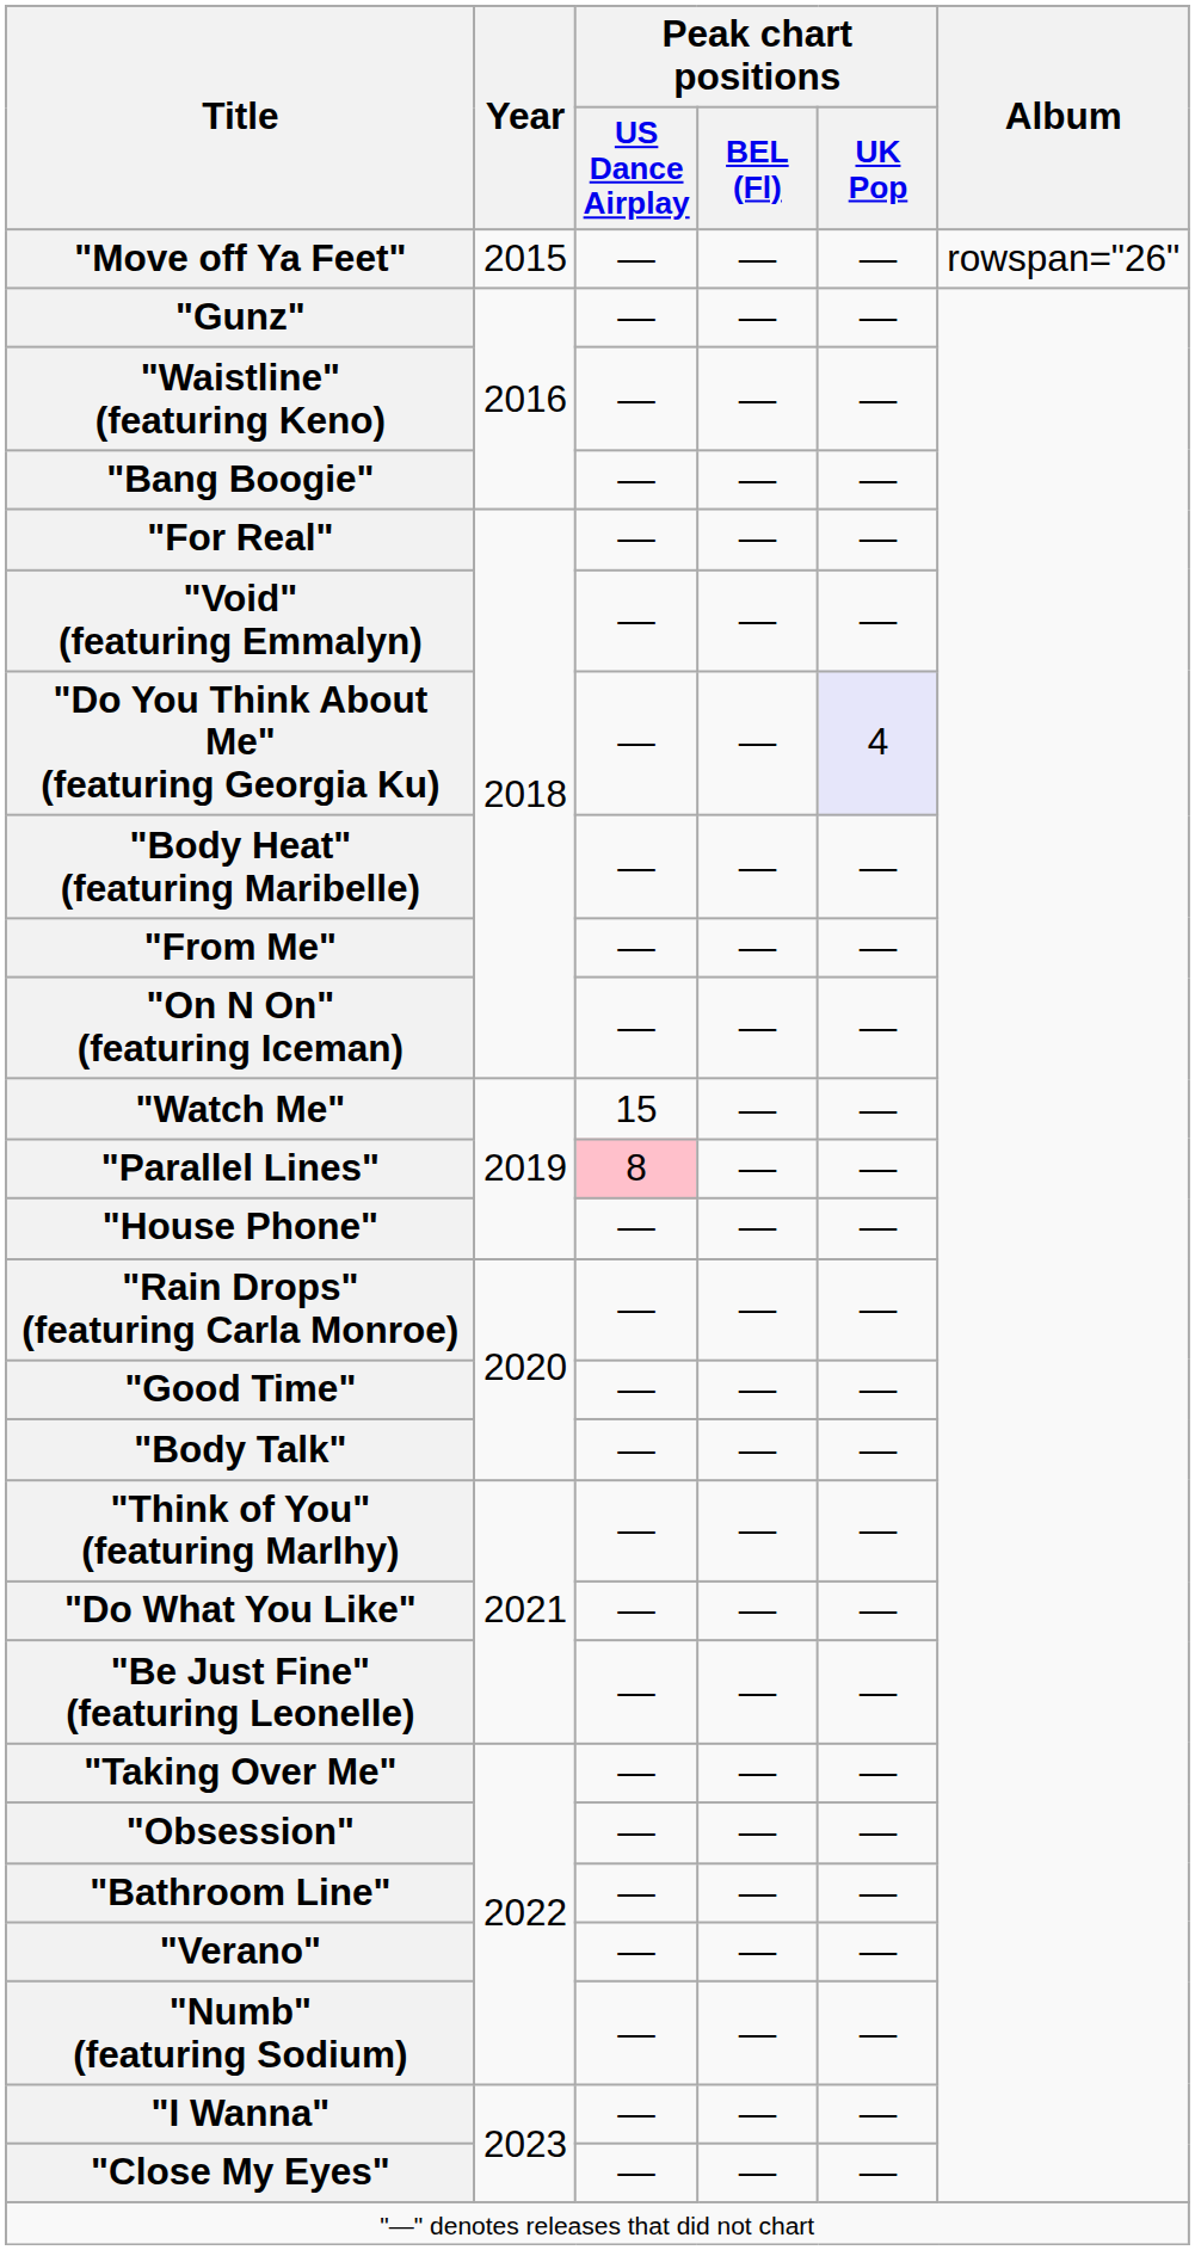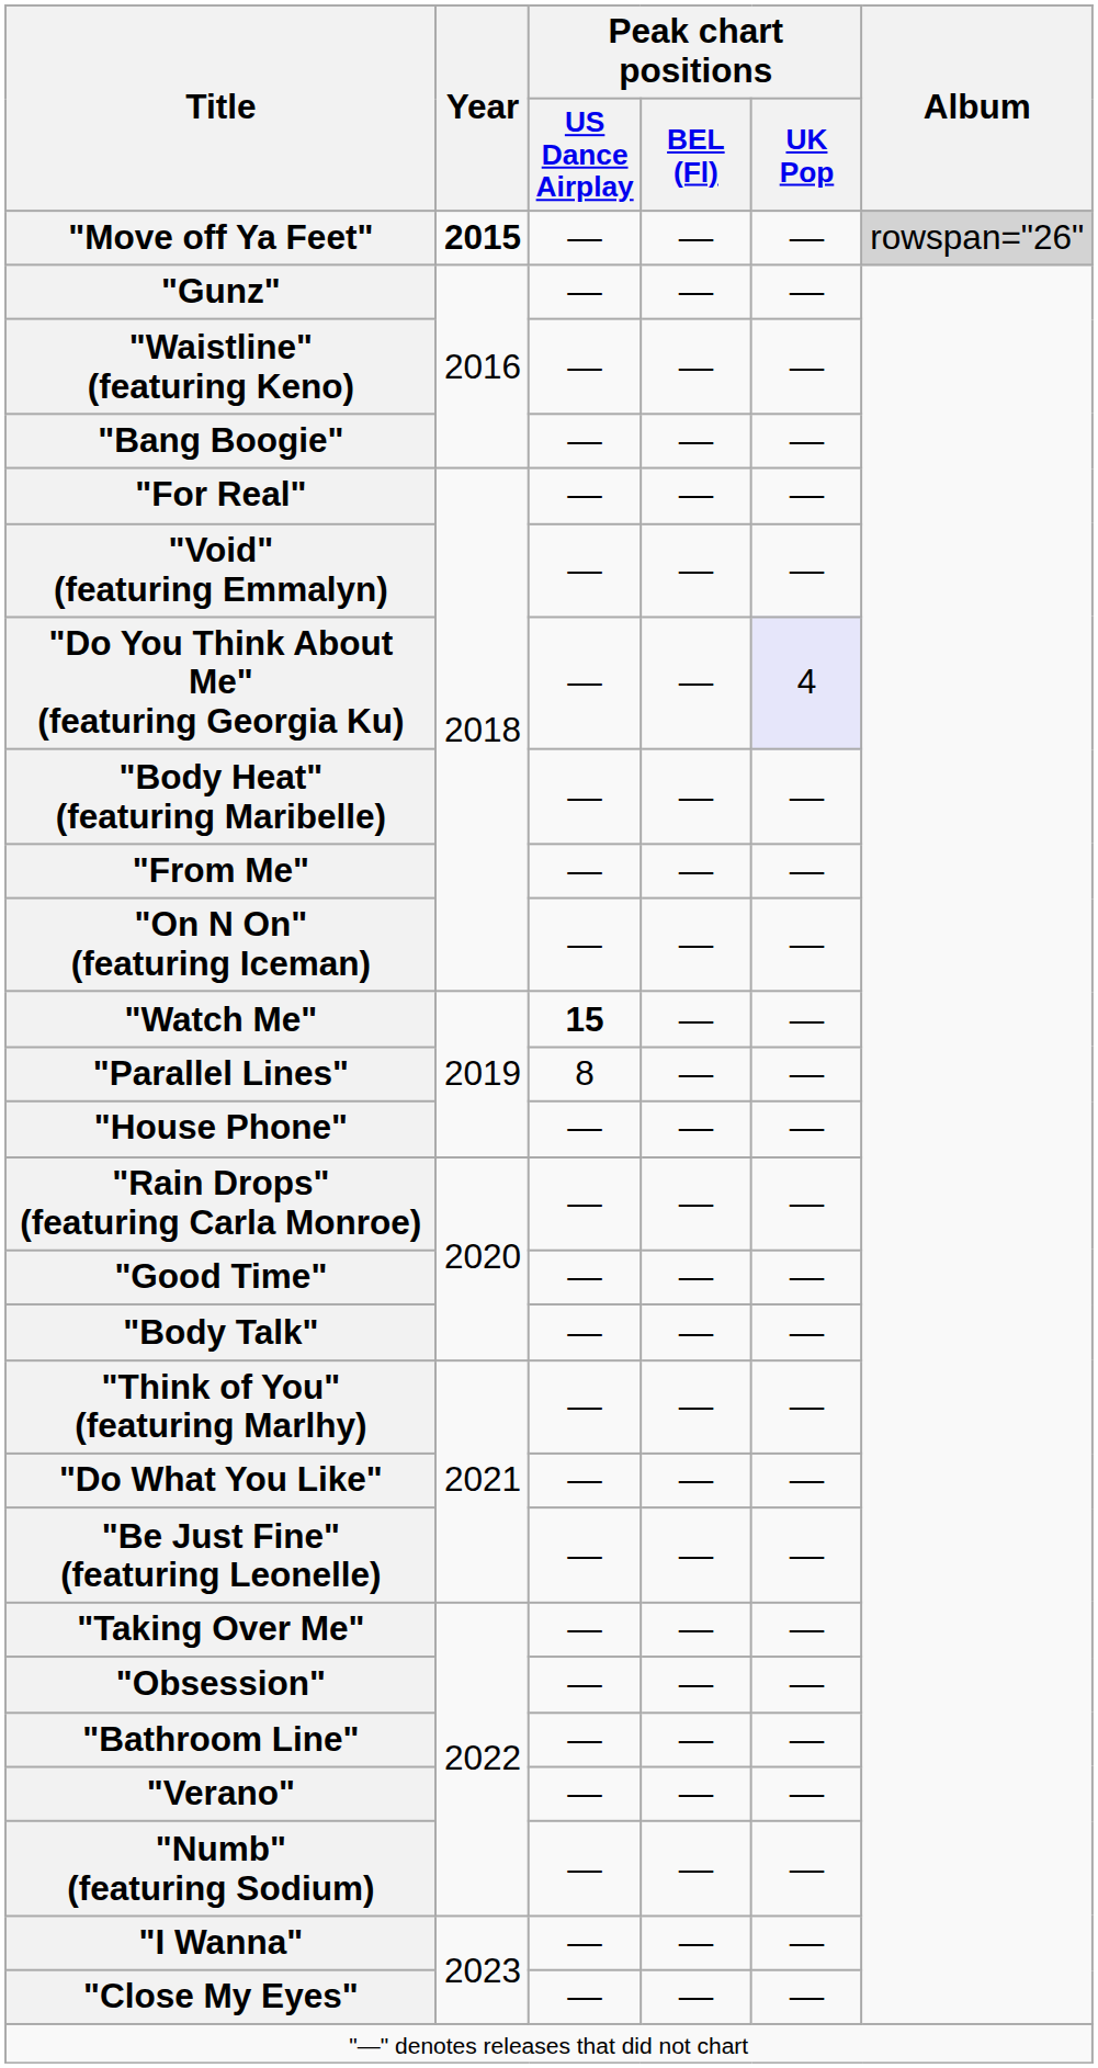 <table class="wikitable plainrowheaders" style="text-align:center;">
 <tr>
 <th scope="col" rowspan="2" style="width:12em;">Title</th>
 <th scope="col" rowspan="2">Year</th>
 <th scope="col" colspan="3">Peak chart positions</th>
 <th rowspan="2">Album</th>
 </tr>
 <tr style="font-size:smaller;">
 <th style="width:45px;"><a href='#'>US<br>Dance Airplay</a><br></th>
 <th style="width:45px;"><a href='#'>BEL<br>(Fl)</a><br></th>
 <th style="width:45px;"><a href='#'>UK<br>Pop</a><br></th>
 </tr>
 <tr>
 <th scope="row">"Move off Ya Feet"</th>
-<td>2015</td>
+<td><strong>2015</strong></td>
 <td>—</td>
 <td>—</td>
 <td>—</td>
-<td>rowspan="26" </td>
+<td style="background: lightgrey;">rowspan="26" </td>
 </tr>
 <tr>
 <th scope="row">"Gunz"</th>
 <td rowspan="3">2016</td>
 <td>—</td>
 <td>—</td>
 <td>—</td>
 </tr>
 <tr>
 <th scope="row">"Waistline"<br><span>(featuring Keno)</span></th>
 <td>—</td>
 <td>—</td>
 <td>—</td>
 </tr>
 <tr>
 <th scope="row">"Bang Boogie"</th>
 <td>—</td>
 <td>—</td>
 <td>—</td>
 </tr>
 <tr>
 <th scope="row">"For Real"</th>
 <td rowspan="6">2018</td>
 <td>—</td>
 <td>—</td>
 <td>—</td>
 </tr>
 <tr>
 <th scope="row">"Void"<br><span>(featuring Emmalyn)</span></th>
 <td>—</td>
 <td>—</td>
 <td>—</td>
 </tr>
 <tr>
 <th scope="row">"Do You Think About Me"<br><span>(featuring Georgia Ku)</span></th>
 <td>—</td>
 <td>—</td>
 <td style="background: lavender;">4</td>
 </tr>
 <tr>
 <th scope="row">"Body Heat"<br><span>(featuring Maribelle)</span></th>
 <td>—</td>
 <td>—</td>
 <td>—</td>
 </tr>
 <tr>
 <th scope="row">"From Me"</th>
 <td>—</td>
 <td>—</td>
 <td>—</td>
 </tr>
 <tr>
 <th scope="row">"On N On"<br><span>(featuring Iceman)</span></th>
 <td>—</td>
 <td>—</td>
 <td>—</td>
 </tr>
 <tr>
 <th scope="row">"Watch Me"</th>
 <td rowspan="3">2019</td>
-<td>15</td>
+<td><strong>15</strong></td>
 <td>—</td>
 <td>—</td>
 </tr>
 <tr>
 <th scope="row">"Parallel Lines"</th>
-<td style="background: pink;">8</td>
+<td>8</td>
 <td>—</td>
 <td>—</td>
 </tr>
 <tr>
 <th scope="row">"House Phone"</th>
 <td>—</td>
 <td>—</td>
 <td>—</td>
 </tr>
 <tr>
 <th scope="row">"Rain Drops"<br><span>(featuring Carla Monroe)</span></th>
 <td rowspan="3">2020</td>
 <td>—</td>
 <td>—</td>
 <td>—</td>
 </tr>
 <tr>
 <th scope="row">"Good Time"</th>
 <td>—</td>
 <td>—</td>
 <td>—</td>
 </tr>
 <tr>
 <th scope="row">"Body Talk"</th>
 <td>—</td>
 <td>—</td>
 <td>—</td>
 </tr>
 <tr>
 <th scope="row">"Think of You"<br><span>(featuring Marlhy)</span></th>
 <td rowspan="3">2021</td>
 <td>—</td>
 <td>—</td>
 <td>—</td>
 </tr>
 <tr>
 <th scope="row">"Do What You Like"</th>
 <td>—</td>
 <td>—</td>
 <td>—</td>
 </tr>
 <tr>
 <th scope="row">"Be Just Fine"<br><span>(featuring Leonelle)</span></th>
 <td>—</td>
 <td>—</td>
 <td>—</td>
 </tr>
 <tr>
 <th scope="row">"Taking Over Me"</th>
 <td rowspan="5">2022</td>
 <td>—</td>
 <td>—</td>
 <td>—</td>
 </tr>
 <tr>
 <th scope="row">"Obsession"</th>
 <td>—</td>
 <td>—</td>
 <td>—</td>
 </tr>
 <tr>
 <th scope="row">"Bathroom Line"</th>
 <td>—</td>
 <td>—</td>
 <td>—</td>
 </tr>
 <tr>
 <th scope="row">"Verano"</th>
 <td>—</td>
 <td>—</td>
 <td>—</td>
 </tr>
 <tr>
 <th scope="row">"Numb"<br><span>(featuring Sodium)</span></th>
 <td>—</td>
 <td>—</td>
 <td>—</td>
 </tr>
 <tr>
 <th scope="row">"I Wanna"</th>
 <td rowspan="2">2023</td>
 <td>—</td>
 <td>—</td>
 <td>—</td>
 </tr>
 <tr>
 <th scope="row">"Close My Eyes"</th>
 <td>—</td>
 <td>—</td>
 <td>—</td>
 </tr>
 <tr>
 <td colspan="10" style="font-size:8pt">"—" denotes releases that did not chart</td>
 </tr>
 </table>
